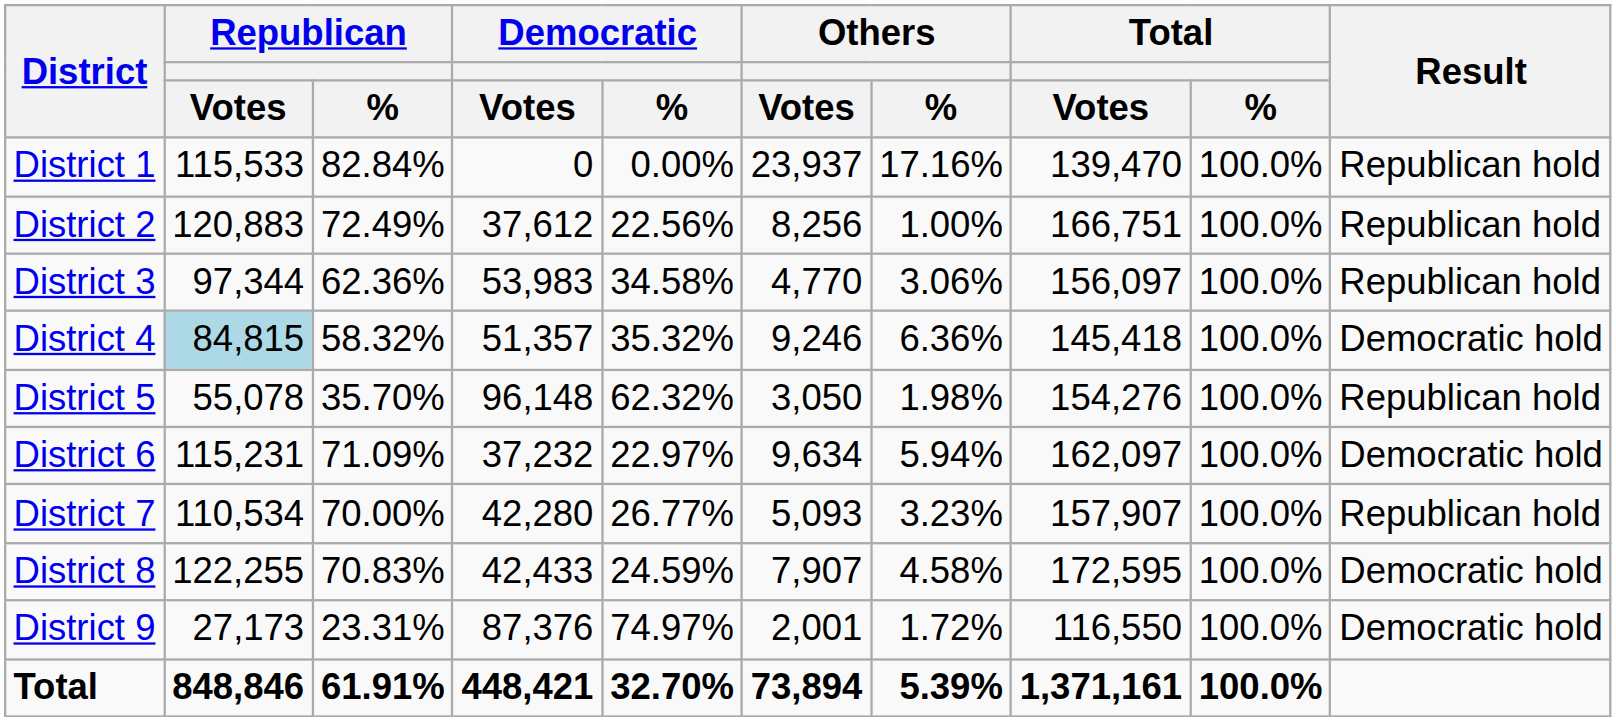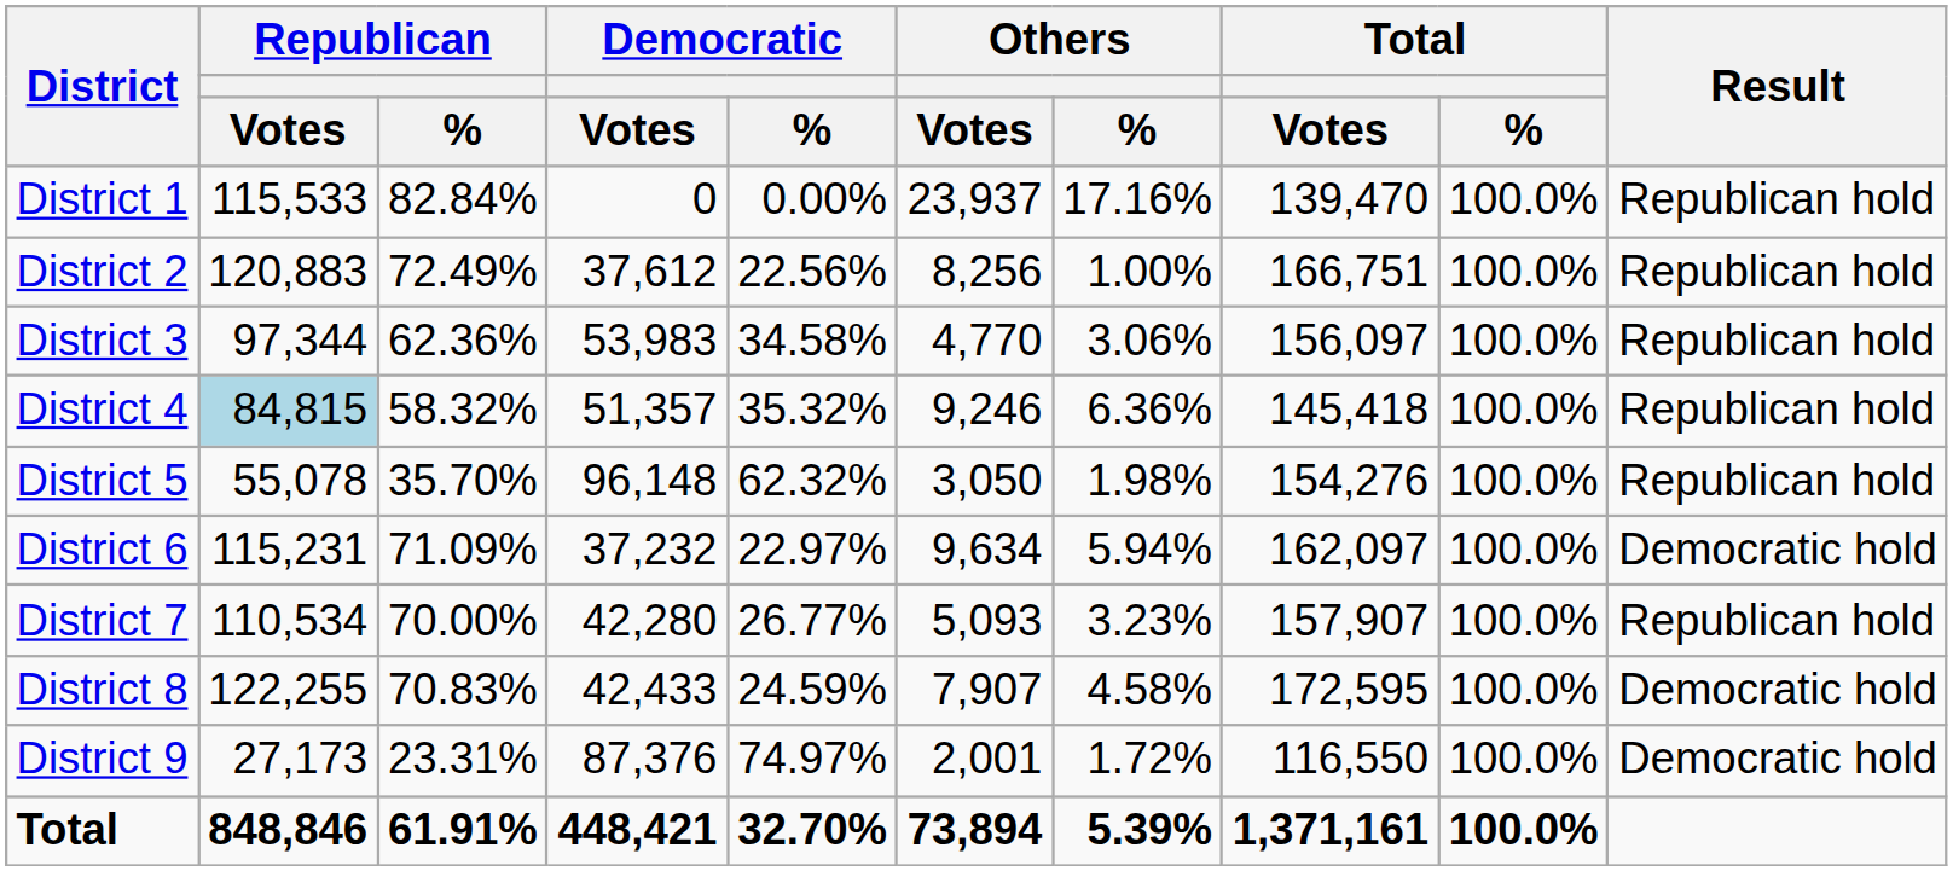 <table class="wikitable plainrowheaders sortable" style="font-size:100%; text-align:right;">
 <tr>
 <th scope=col rowspan=3><a href='#'>District</a></th>
 <th scope=col colspan=2><a href='#'>Republican</a></th>
 <th scope=col colspan=2><a href='#'>Democratic</a></th>
 <th scope=col colspan=2>Others</th>
 <th scope=col colspan=2>Total</th>
 <th scope=col rowspan=3>Result</th>
 </tr>
 <tr>
 <th scope=col colspan=2 style="background:"></th>
 <th scope=col colspan=2 style="background:"></th>
 <th scope=col colspan=2></th>
 <th scope=col colspan=2></th>
 </tr>
 <tr>
 <th scope=col data-sort-type="number">Votes</th>
 <th scope=col data-sort-type="number">%</th>
 <th scope=col data-sort-type="number">Votes</th>
 <th scope=col data-sort-type="number">%</th>
 <th scope=col data-sort-type="number">Votes</th>
 <th scope=col data-sort-type="number">%</th>
 <th scope=col data-sort-type="number">Votes</th>
 <th scope=col data-sort-type="number">%</th>
 </tr>
 <tr>
 <td align=left><a href='#'>District 1</a></td>
 <td>115,533</td>
 <td>82.84%</td>
 <td>0</td>
 <td>0.00%</td>
 <td>23,937</td>
 <td>17.16%</td>
 <td>139,470</td>
 <td>100.0%</td>
 <td align=left>Republican hold</td>
 </tr>
 <tr>
 <td align=left><a href='#'>District 2</a></td>
 <td>120,883</td>
 <td>72.49%</td>
 <td>37,612</td>
 <td>22.56%</td>
 <td>8,256</td>
 <td>1.00%</td>
 <td>166,751</td>
 <td>100.0%</td>
 <td align=left>Republican hold</td>
 </tr>
 <tr>
 <td align=left><a href='#'>District 3</a></td>
 <td>97,344</td>
 <td>62.36%</td>
 <td>53,983</td>
 <td>34.58%</td>
 <td>4,770</td>
 <td>3.06%</td>
 <td>156,097</td>
 <td>100.0%</td>
 <td align=left>Republican hold</td>
 </tr>
 <tr>
 <td align=left><a href='#'>District 4</a></td>
 <td style="background: lightblue;">84,815</td>
 <td>58.32%</td>
 <td>51,357</td>
 <td>35.32%</td>
 <td>9,246</td>
 <td>6.36%</td>
 <td>145,418</td>
 <td>100.0%</td>
-<td align=left>Democratic hold</td>
+<td align=left>Republican hold</td>
 </tr>
 <tr>
 <td align=left><a href='#'>District 5</a></td>
 <td>55,078</td>
 <td>35.70%</td>
 <td>96,148</td>
 <td>62.32%</td>
 <td>3,050</td>
 <td>1.98%</td>
 <td>154,276</td>
 <td>100.0%</td>
 <td align=left>Republican hold</td>
 </tr>
 <tr>
 <td align=left><a href='#'>District 6</a></td>
 <td>115,231</td>
 <td>71.09%</td>
 <td>37,232</td>
 <td>22.97%</td>
 <td>9,634</td>
 <td>5.94%</td>
 <td>162,097</td>
 <td>100.0%</td>
 <td align=left>Democratic hold</td>
 </tr>
 <tr>
 <td align=left><a href='#'>District 7</a></td>
 <td>110,534</td>
 <td>70.00%</td>
 <td>42,280</td>
 <td>26.77%</td>
 <td>5,093</td>
 <td>3.23%</td>
 <td>157,907</td>
 <td>100.0%</td>
 <td align=left>Republican hold</td>
 </tr>
 <tr>
 <td align=left><a href='#'>District 8</a></td>
 <td>122,255</td>
 <td>70.83%</td>
 <td>42,433</td>
 <td>24.59%</td>
 <td>7,907</td>
 <td>4.58%</td>
 <td>172,595</td>
 <td>100.0%</td>
 <td align=left>Democratic hold</td>
 </tr>
 <tr>
 <td align=left><a href='#'>District 9</a></td>
 <td>27,173</td>
 <td>23.31%</td>
 <td>87,376</td>
 <td>74.97%</td>
 <td>2,001</td>
 <td>1.72%</td>
 <td>116,550</td>
 <td>100.0%</td>
 <td align=left>Democratic hold</td>
 </tr>
 <tr class="sortbottom" style="font-weight:bold">
 <td align=left>Total</td>
 <td>848,846</td>
 <td>61.91%</td>
 <td>448,421</td>
 <td>32.70%</td>
 <td>73,894</td>
 <td>5.39%</td>
 <td>1,371,161</td>
 <td>100.0%</td>
 <td></td>
 </tr>
 </table>
